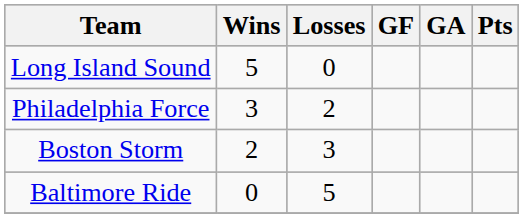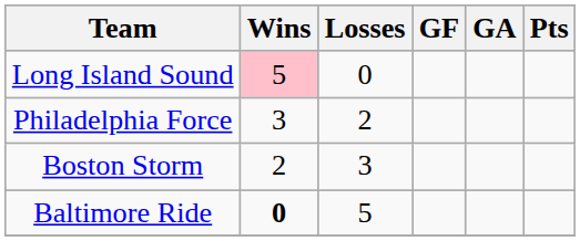 <table class="wikitable">
 <tr>
 <th>Team</th>
 <th>Wins</th>
 <th>Losses</th>
 <th>GF</th>
 <th>GA</th>
 <th>Pts</th>
 </tr>
 <tr style="text-align:center;">
 <td><a href='#'>Long Island Sound</a></td>
-<td>5</td>
+<td style="background: pink;">5</td>
 <td>0</td>
 <td></td>
 <td></td>
 <td></td>
 </tr>
 <tr style="text-align:center;">
 <td><a href='#'>Philadelphia Force</a></td>
 <td>3</td>
 <td>2</td>
 <td></td>
 <td></td>
 <td></td>
 </tr>
 <tr style="text-align:center;">
 <td><a href='#'>Boston Storm</a></td>
 <td>2</td>
 <td>3</td>
 <td></td>
 <td></td>
 <td></td>
 </tr>
 <tr style="text-align:center;">
 <td><a href='#'>Baltimore Ride</a></td>
-<td>0</td>
+<td><strong>0</strong></td>
 <td>5</td>
 <td></td>
 <td></td>
 <td></td>
 </tr>
 <tr>
 </tr>
 </table>
